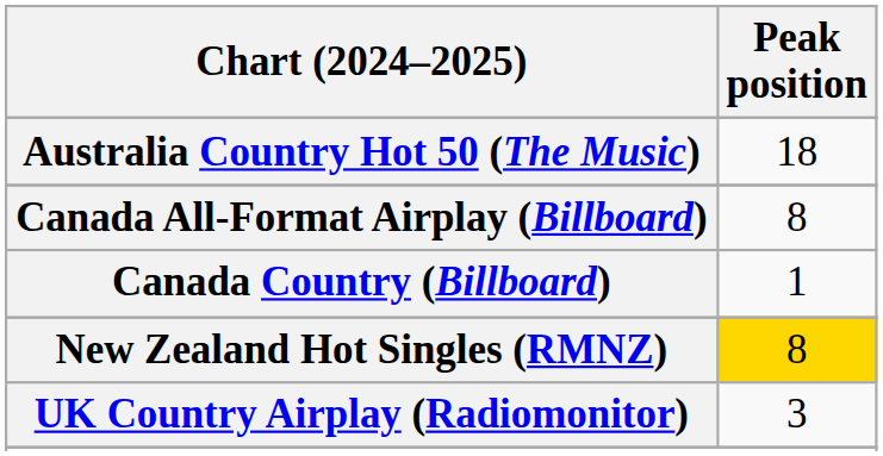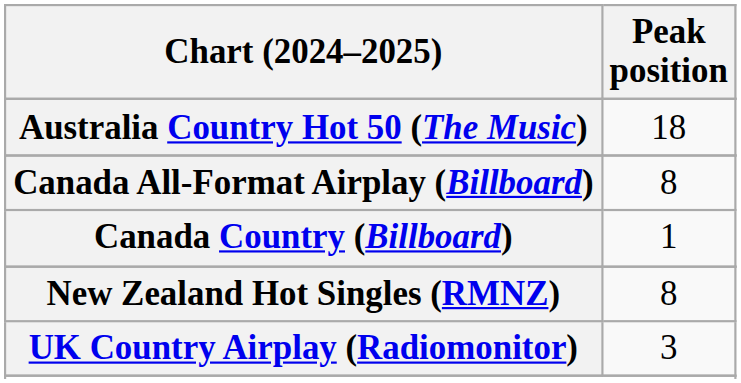 <table class="wikitable sortable plainrowheaders" style="text-align:center">
 <tr>
 <th scope="col">Chart (2024–2025)</th>
 <th scope="col">Peak<br>position</th>
 </tr>
 <tr>
 </tr>
 <tr>
 <th scope="row">Australia <a href='#'>Country Hot 50</a> (<em><a href='#'>The Music</a></em>)</th>
 <td>18</td>
 </tr>
 <tr>
 </tr>
 <tr>
 <th scope="row">Canada All-Format Airplay (<em><a href='#'>Billboard</a></em>)</th>
 <td>8</td>
 </tr>
 <tr>
 <th scope="row">Canada <a href='#'>Country</a> (<em><a href='#'>Billboard</a></em>)</th>
 <td>1</td>
 </tr>
 <tr>
 </tr>
 <tr>
 <th scope="row">New Zealand Hot Singles (<a href='#'>RMNZ</a>)</th>
-<td style="background: gold;">8</td>
+<td>8</td>
 </tr>
 <tr>
 <th scope="row"><a href='#'>UK Country Airplay</a> (<a href='#'>Radiomonitor</a>)</th>
 <td>3</td>
 </tr>
 <tr>
 </tr>
 <tr>
 </tr>
 <tr>
 </tr>
 <tr>
 </tr>
 <tr>
 </tr>
 </table>
